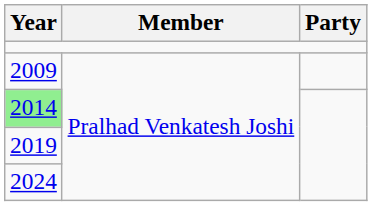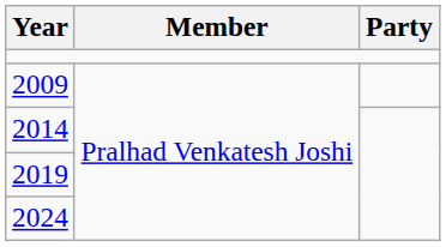 <table class="wikitable sortable">
 <tr>
 <th>Year</th>
 <th>Member</th>
 <th colspan="2">Party</th>
 </tr>
 <tr>
 <td colspan="4"></td>
 </tr>
 <tr>
 <td><a href='#'>2009</a></td>
 <td rowspan="5"><a href='#'>Pralhad Venkatesh Joshi</a></td>
 <td></td>
 </tr>
 <tr>
-<td style="background: lightgreen;"><a href='#'>2014</a></td>
+<td><a href='#'>2014</a></td>
 </tr>
 <tr>
 <td><a href='#'>2019</a></td>
 </tr>
 <tr>
 <td><a href='#'>2024</a></td>
 </tr>
 </table>
